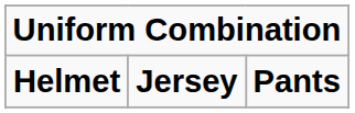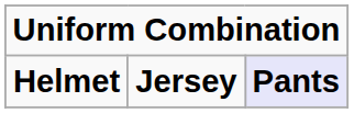 <table class="wikitable"  style="display: inline-table;">
 <tr>
 <td align="center" Colspan="3"><strong>Uniform Combination</strong></td>
 </tr>
 <tr align="center">
 <td><strong>Helmet</strong></td>
 <td><strong>Jersey</strong></td>
-<td><strong>Pants</strong></td>
+<td style="background: lavender;"><strong>Pants</strong></td>
 </tr>
 </table>
